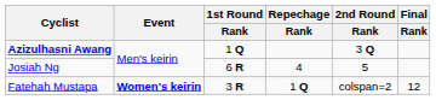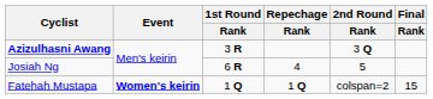 <table class="wikitable" style="font-size:90%">
 <tr>
 <th rowspan=2>Cyclist</th>
 <th rowspan=2>Event</th>
 <th>1st Round</th>
 <th>Repechage</th>
 <th>2nd Round</th>
 <th>Final</th>
 </tr>
 <tr style="font-size:95%">
 <th>Rank</th>
 <th>Rank</th>
 <th>Rank</th>
 <th>Rank</th>
 </tr>
 <tr align=center>
 <td align=left><strong><a href='#'>Azizulhasni Awang</a></strong></td>
 <td align=left rowspan=2><a href='#'>Men's keirin</a></td>
-<td>1 <strong>Q</strong></td>
+<td>3 <strong>R</strong></td>
 <td></td>
 <td>3 <strong>Q</strong></td>
 <td></td>
 </tr>
 <tr align=center>
 <td align=left><a href='#'>Josiah Ng</a></td>
 <td>6 <strong>R</strong></td>
 <td>4</td>
 <td>5</td>
 </tr>
 <tr align=center>
 <td align=left><a href='#'>Fatehah Mustapa</a></td>
 <td align=left><strong><a href='#'>Women's keirin</a></strong></td>
-<td>3 <strong>R</strong></td>
+<td>1 <strong>Q</strong></td>
 <td>1 <strong>Q</strong></td>
 <td>colspan=2 </td>
-<td>12</td>
+<td>15</td>
 </tr>
 </table>
